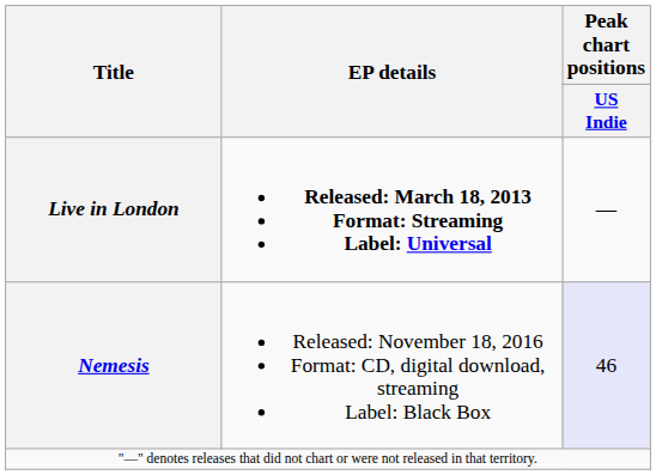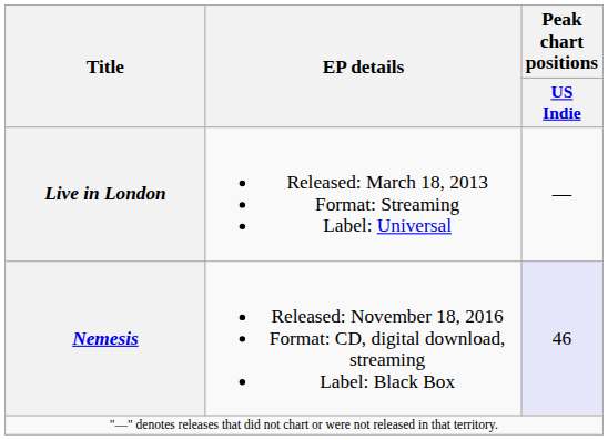 <table class="wikitable plainrowheaders" style="text-align:center;">
 <tr>
 <th scope="col" rowspan="2" style="width:10em;">Title</th>
 <th scope="col" rowspan="2" style="width:16em;">EP details</th>
 <th scope="col" colspan="1">Peak<br>chart<br>positions</th>
 </tr>
 <tr>
 <th scope="col" style="width:2.5em;font-size:90%;"><a href='#'>US<br>Indie</a><br></th>
 </tr>
 <tr>
 <th scope="row"><em>Live in London</em></th>
-<td><strong><br><ul><li>Released: March 18, 2013</li><li>Format: Streaming</li><li>Label: <a href='#'>Universal</a></li></ul></strong></td>
+<td><br><ul><li>Released: March 18, 2013</li><li>Format: Streaming</li><li>Label: <a href='#'>Universal</a></li></ul></td>
 <td>—</td>
 </tr>
 <tr>
 <th scope="row"><em><a href='#'>Nemesis</a></em></th>
 <td><br><ul><li>Released: November 18, 2016</li><li>Format: CD, digital download, streaming</li><li>Label: Black Box</li></ul></td>
 <td style="background: lavender;">46</td>
 </tr>
 <tr>
 <td align="center" colspan="15" style="font-size:8pt">"—" denotes releases that did not chart or were not released in that territory.</td>
 </tr>
 </table>
